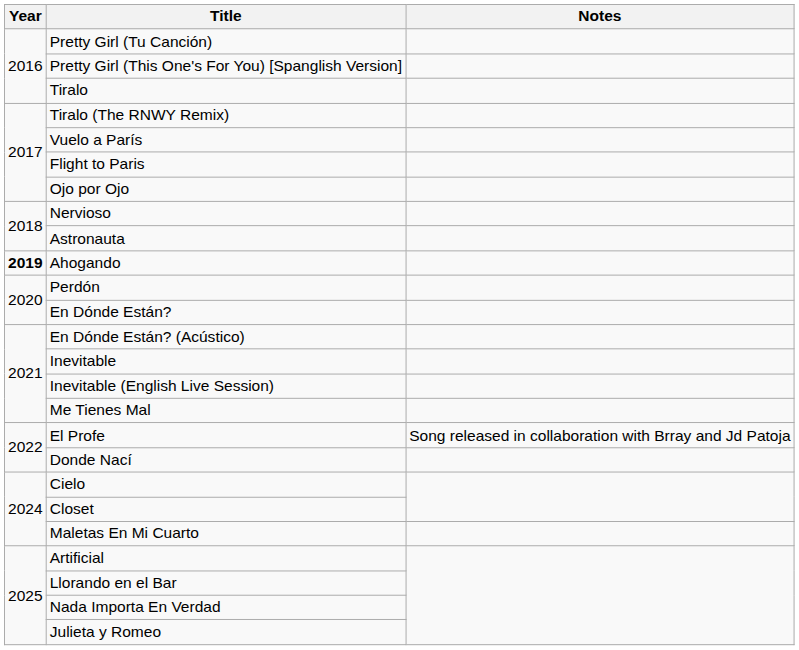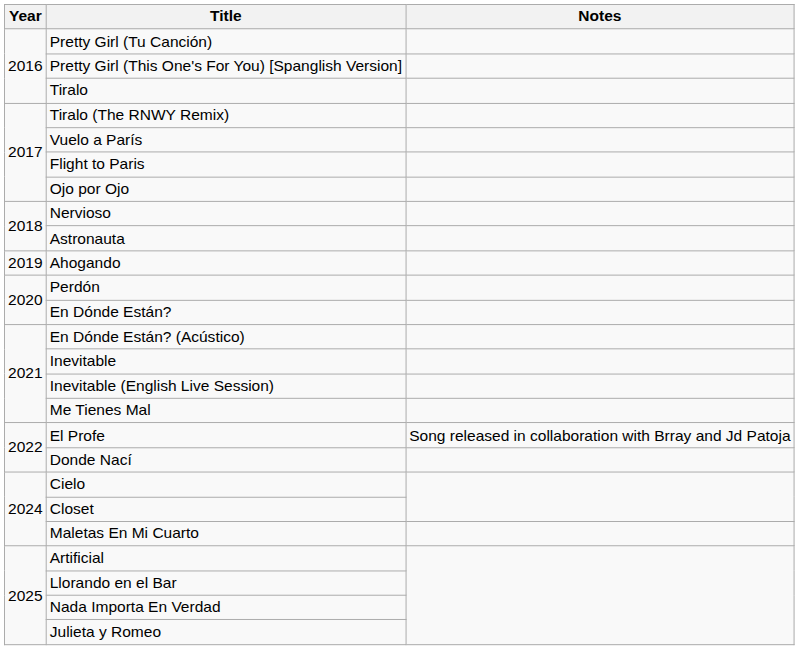 <table class="wikitable">
 <tr>
 <th>Year</th>
 <th>Title</th>
 <th>Notes</th>
 </tr>
 <tr>
 <td rowspan="3">2016</td>
 <td>Pretty Girl (Tu Canción)</td>
 <td></td>
 </tr>
 <tr>
 <td>Pretty Girl (This One's For You) [Spanglish Version]</td>
 <td></td>
 </tr>
 <tr>
 <td>Tiralo</td>
 <td></td>
 </tr>
 <tr>
 <td rowspan="4">2017</td>
 <td>Tiralo (The RNWY Remix)</td>
 <td></td>
 </tr>
 <tr>
 <td>Vuelo a París</td>
 <td></td>
 </tr>
 <tr>
 <td>Flight to Paris</td>
 <td></td>
 </tr>
 <tr>
 <td>Ojo por Ojo</td>
 <td></td>
 </tr>
 <tr>
 <td rowspan="2">2018</td>
 <td>Nervioso</td>
 <td></td>
 </tr>
 <tr>
 <td>Astronauta</td>
 <td></td>
 </tr>
 <tr>
-<td><strong>2019</strong></td>
+<td>2019</td>
 <td>Ahogando</td>
 <td></td>
 </tr>
 <tr>
 <td rowspan="2">2020</td>
 <td>Perdón</td>
 <td></td>
 </tr>
 <tr>
 <td>En Dónde Están?</td>
 <td></td>
 </tr>
 <tr>
 <td rowspan="4">2021</td>
 <td>En Dónde Están? (Acústico)</td>
 <td></td>
 </tr>
 <tr>
 <td>Inevitable</td>
 <td></td>
 </tr>
 <tr>
 <td>Inevitable (English Live Session)</td>
 <td></td>
 </tr>
 <tr>
 <td>Me Tienes Mal</td>
 <td></td>
 </tr>
 <tr>
 <td rowspan="2">2022</td>
 <td>El Profe</td>
 <td>Song released in collaboration with Brray and Jd Patoja</td>
 </tr>
 <tr>
 <td>Donde Nací</td>
 <td></td>
 </tr>
 <tr>
 <td rowspan="3">2024</td>
 <td>Cielo</td>
 </tr>
 <tr>
 <td>Closet</td>
 </tr>
 <tr>
 <td>Maletas En Mi Cuarto</td>
 <td></td>
 </tr>
 <tr>
 <td rowspan="4">2025</td>
 <td>Artificial</td>
 </tr>
 <tr>
 <td>Llorando en el Bar</td>
 </tr>
 <tr>
 <td>Nada Importa En Verdad</td>
 </tr>
 <tr>
 <td>Julieta y Romeo</td>
 </tr>
 </table>
